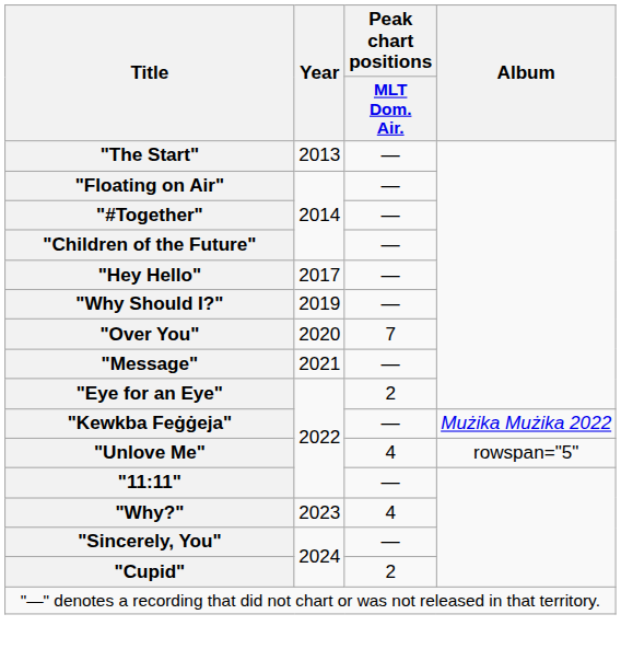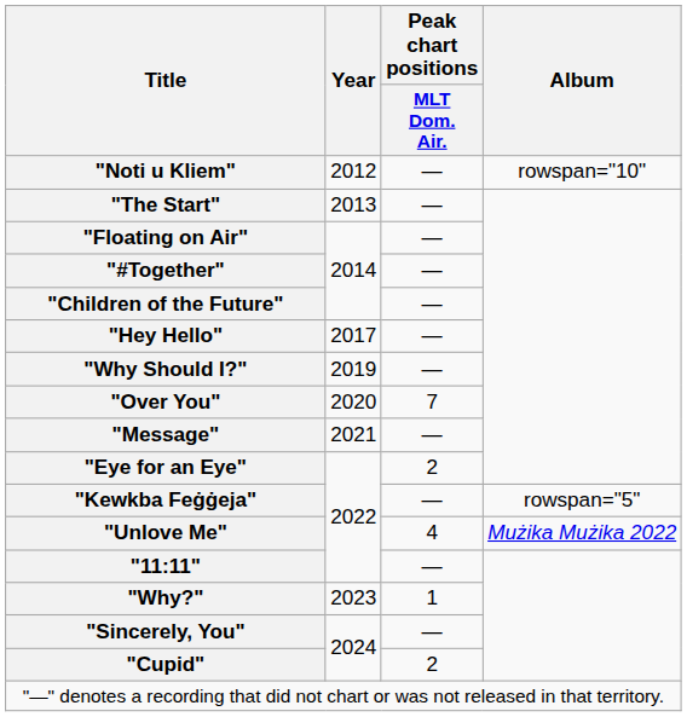 <table class="wikitable plainrowheaders" style="text-align:center;">
 <tr>
 <th scope="col" rowspan="2" style="width:15em;">Title</th>
 <th scope="col" rowspan="2" style="width:1em;">Year</th>
 <th>Peak chart positions</th>
 <th scope="col" rowspan="2">Album</th>
 </tr>
 <tr>
 <th scope="col" style="width:3em;font-size:90%;"><a href='#'>MLT<br>Dom.<br>Air.</a><br></th>
+</tr>
+<tr>
+<th scope="row">"Noti u Kliem"</th>
+<td>2012</td>
+<td>—</td>
+<td>rowspan="10" </td>
 </tr>
 <tr>
 <th scope="row">"The Start"</th>
 <td>2013</td>
 <td>—</td>
 </tr>
 <tr>
 <th scope="row">"Floating on Air"</th>
 <td rowspan="3">2014</td>
 <td>—</td>
 </tr>
 <tr>
 <th scope="row">"#Together"</th>
 <td>—</td>
 </tr>
 <tr>
 <th scope="row">"Children of the Future"</th>
 <td>—</td>
 </tr>
 <tr>
 <th scope="row">"Hey Hello"</th>
 <td>2017</td>
 <td>—</td>
 </tr>
 <tr>
 <th scope="row">"Why Should I?"</th>
 <td>2019</td>
 <td>—</td>
 </tr>
 <tr>
 <th scope="row">"Over You"</th>
 <td>2020</td>
 <td>7</td>
 </tr>
 <tr>
 <th scope="row">"Message"</th>
 <td>2021</td>
 <td>—</td>
 </tr>
 <tr>
 <th scope="row">"Eye for an Eye"</th>
 <td rowspan="4">2022</td>
 <td>2</td>
 </tr>
 <tr>
 <th scope="row">"Kewkba Feġġeja"</th>
 <td>—</td>
-<td><em><a href='#'>Mużika Mużika 2022</a></em></td>
+<td>rowspan="5" </td>
 </tr>
 <tr>
 <th scope="row">"Unlove Me"</th>
 <td>4</td>
-<td>rowspan="5" </td>
+<td><em><a href='#'>Mużika Mużika 2022</a></em></td>
 </tr>
 <tr>
 <th scope="row">"11:11"</th>
 <td>—</td>
 </tr>
 <tr>
 <th scope="row">"Why?"</th>
 <td>2023</td>
-<td>4</td>
+<td>1</td>
 </tr>
 <tr>
 <th scope="row">"Sincerely, You"</th>
 <td rowspan="2">2024</td>
 <td>—</td>
 </tr>
 <tr>
 <th scope="row">"Cupid"</th>
 <td>2</td>
 </tr>
 <tr>
 <td colspan="4" style="font-size:90%">"—" denotes a recording that did not chart or was not released in that territory.</td>
 </tr>
 </table>
